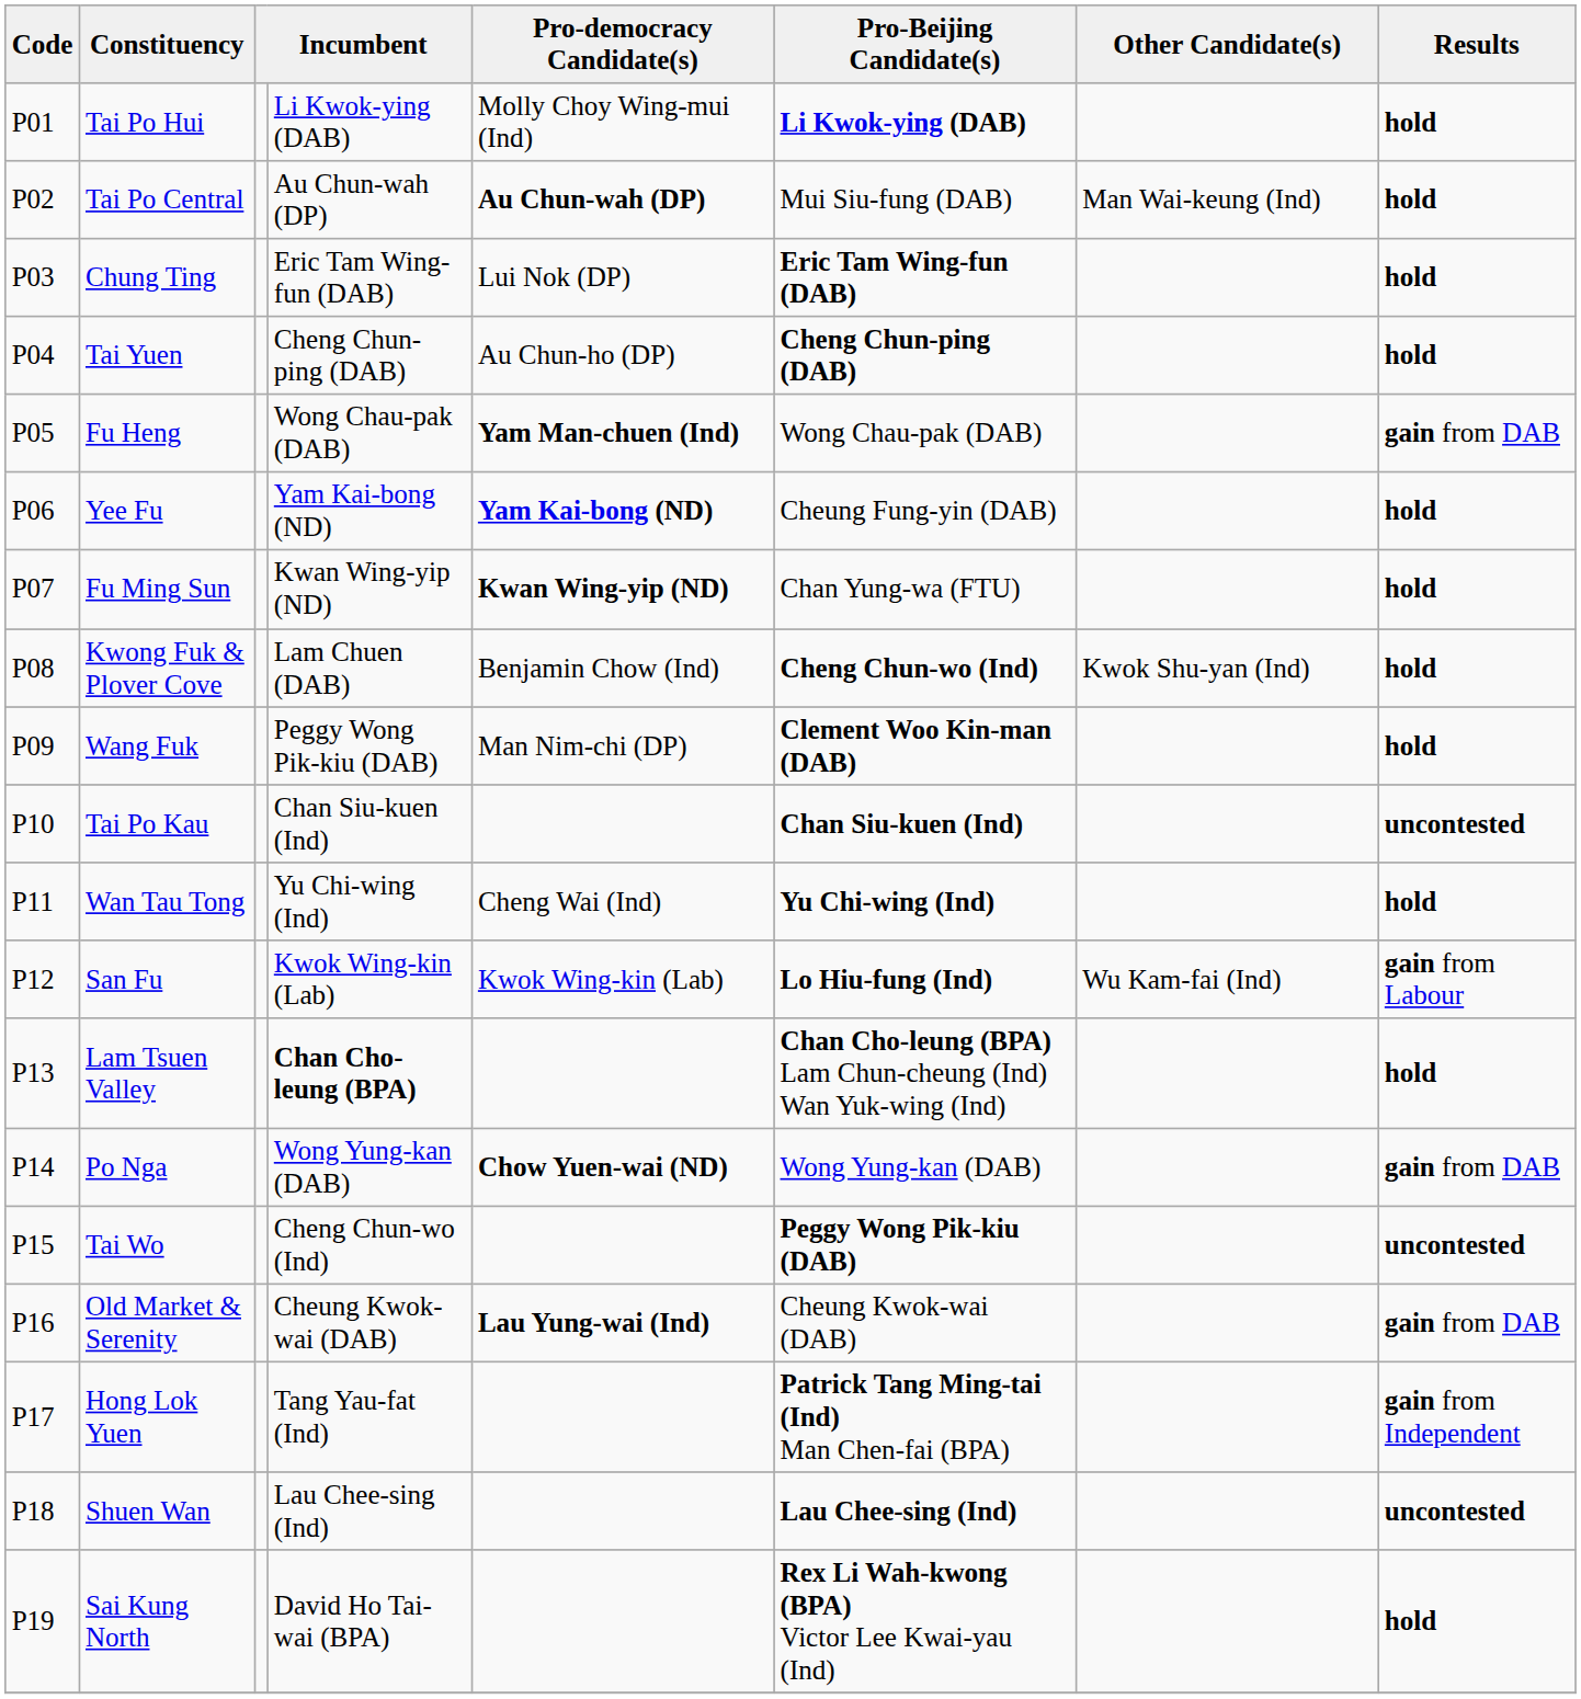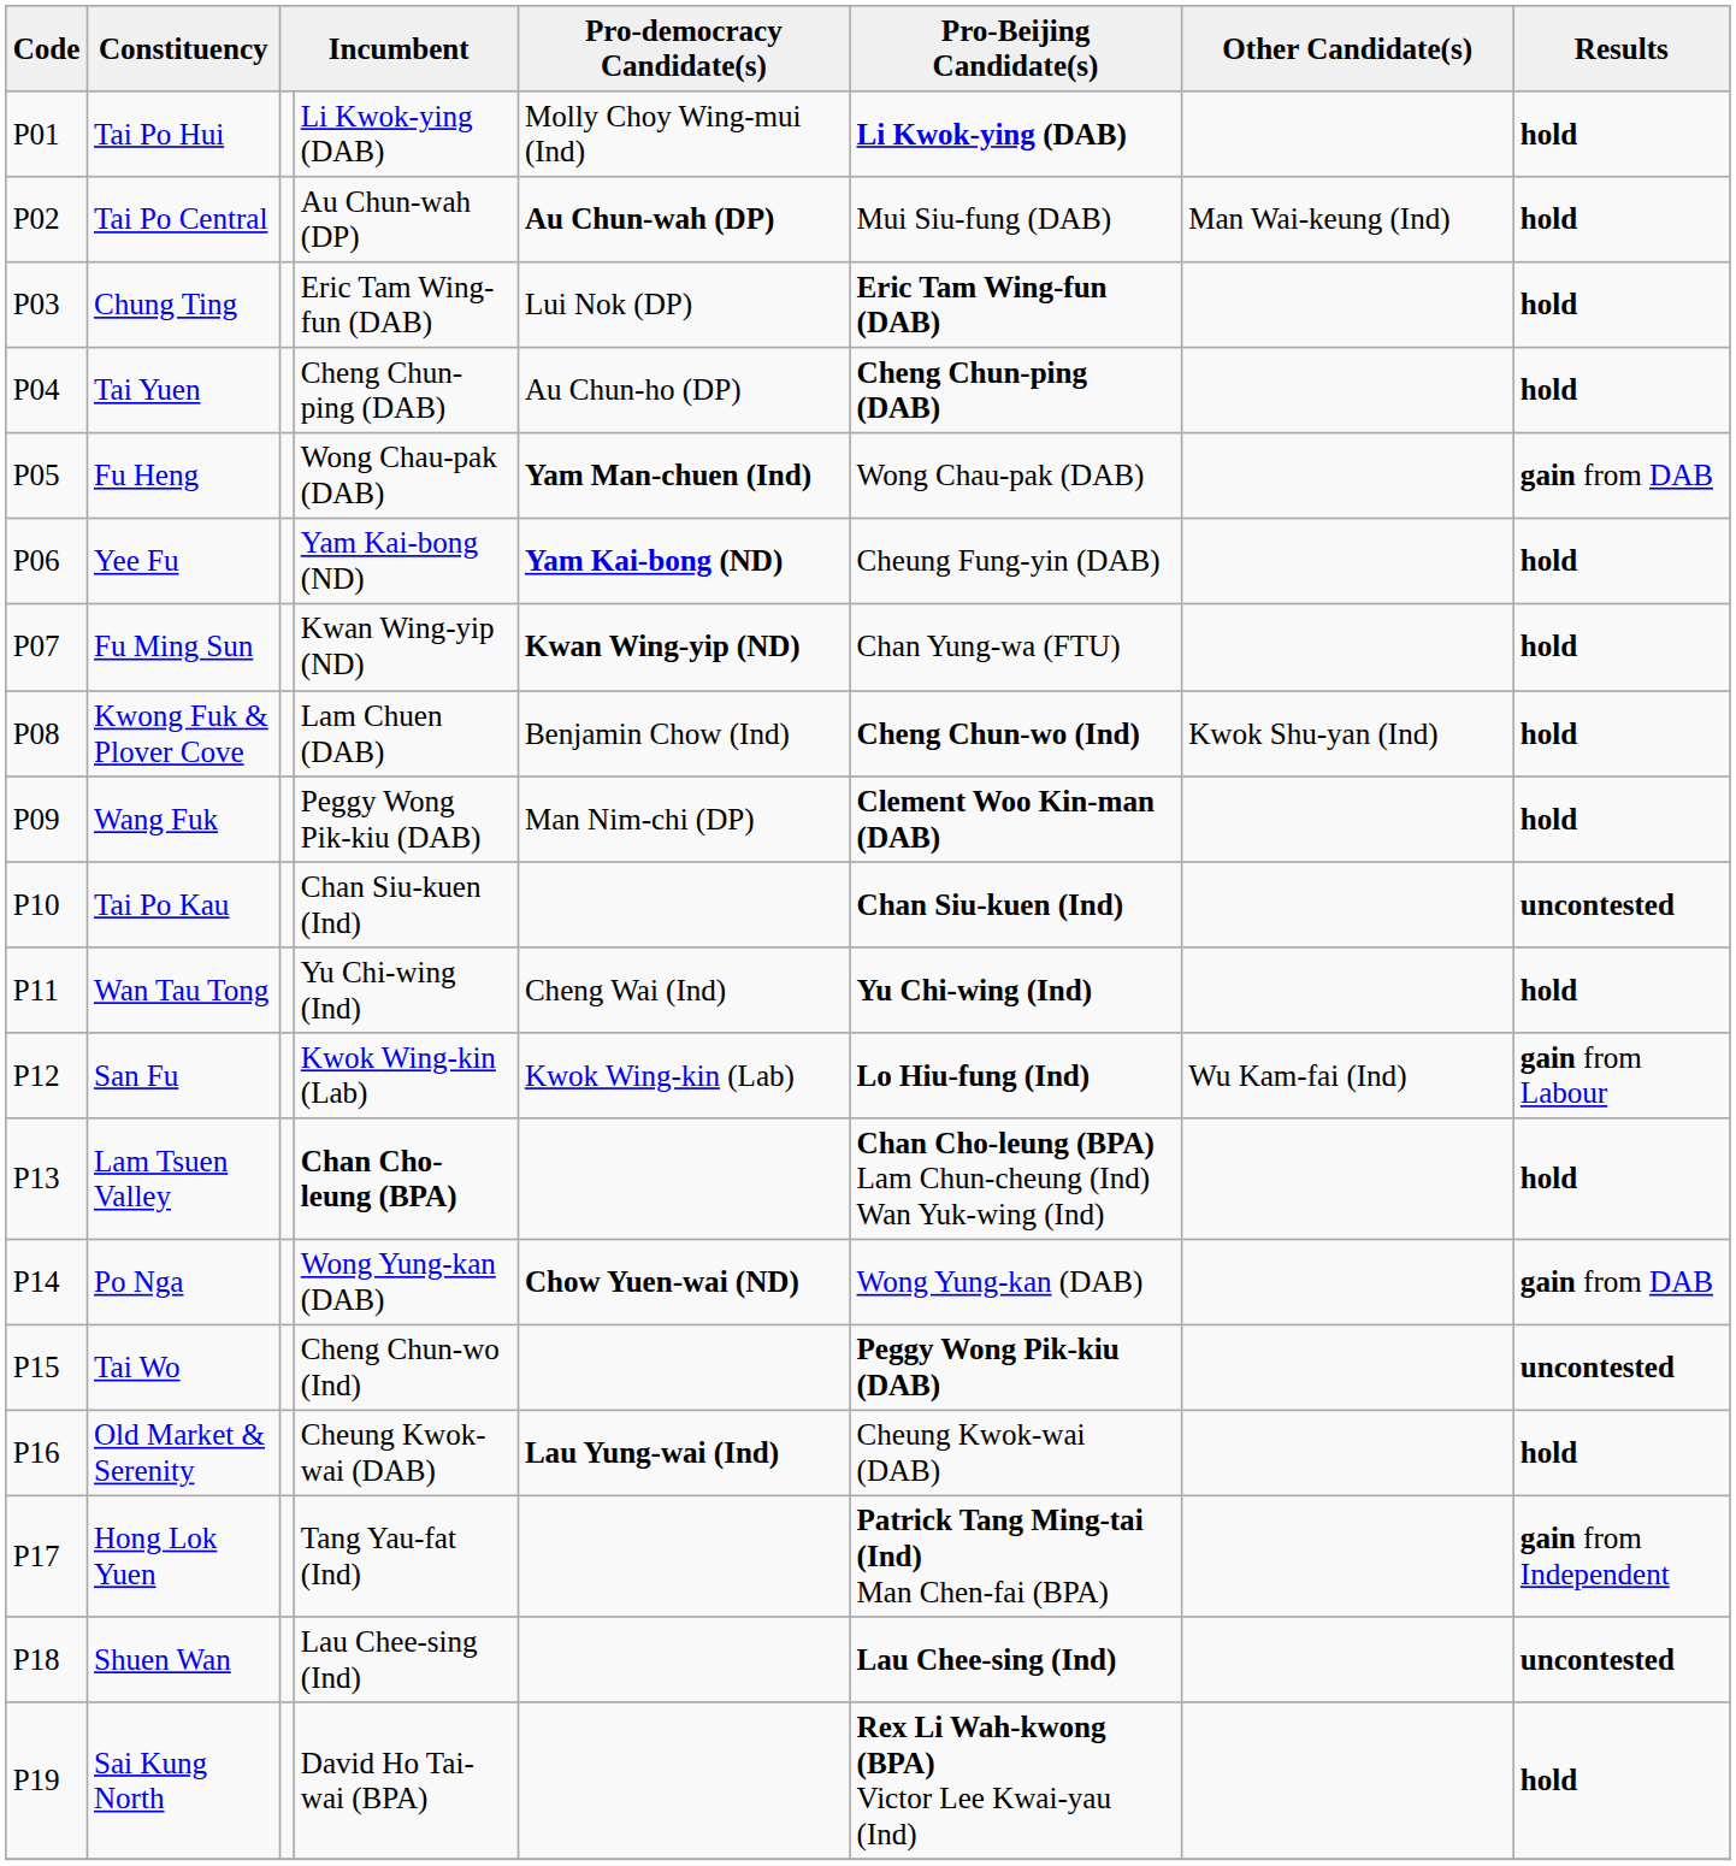 <table class="wikitable sortable" style="font-size: 95%;">
 <tr>
 <th align="center" style="background:#f0f0f0;" width="20px"><strong>Code</strong></th>
 <th align="center" style="background:#f0f0f0;" width="90px"><strong>Constituency</strong></th>
 <th align="center" style="background:#f0f0f0;" width="120px" colspan=2><strong>Incumbent</strong></th>
 <th align="center" style="background:#f0f0f0;" width="160px"><strong>Pro-democracy Candidate(s)</strong></th>
 <th align="center" style="background:#f0f0f0;" width="160px"><strong>Pro-Beijing Candidate(s)</strong></th>
 <th align="center" style="background:#f0f0f0;" width="160px"><strong>Other Candidate(s)</strong></th>
 <th align="center" style="background:#f0f0f0;" width="100px" colspan="2"><strong>Results</strong></th>
 </tr>
 <tr>
 <td>P01</td>
 <td><a href='#'>Tai Po Hui</a></td>
 <td></td>
 <td><a href='#'>Li Kwok-ying</a> (DAB)</td>
 <td>Molly Choy Wing-mui (Ind)</td>
 <td><strong><a href='#'>Li Kwok-ying</a> (DAB)</strong></td>
 <td></td>
 <td> <strong>hold</strong></td>
 </tr>
 <tr>
 <td>P02</td>
 <td><a href='#'>Tai Po Central</a></td>
 <td></td>
 <td>Au Chun-wah (DP)</td>
 <td><strong>Au Chun-wah (DP)</strong></td>
 <td>Mui Siu-fung (DAB)</td>
 <td>Man Wai-keung (Ind)</td>
 <td> <strong>hold</strong></td>
 </tr>
 <tr>
 <td>P03</td>
 <td><a href='#'>Chung Ting</a></td>
 <td></td>
 <td>Eric Tam Wing-fun (DAB)</td>
 <td>Lui Nok (DP)</td>
 <td><strong>Eric Tam Wing-fun (DAB)</strong></td>
 <td></td>
 <td> <strong>hold</strong></td>
 </tr>
 <tr>
 <td>P04</td>
 <td><a href='#'>Tai Yuen</a></td>
 <td></td>
 <td>Cheng Chun-ping (DAB)</td>
 <td>Au Chun-ho (DP)</td>
 <td><strong>Cheng Chun-ping (DAB) </strong></td>
 <td></td>
 <td> <strong>hold</strong></td>
 </tr>
 <tr>
 <td>P05</td>
 <td><a href='#'>Fu Heng</a></td>
 <td></td>
 <td>Wong Chau-pak (DAB)</td>
 <td><strong>Yam Man-chuen (Ind)</strong></td>
 <td>Wong Chau-pak (DAB)</td>
 <td></td>
 <td> <strong>gain</strong> from <a href='#'>DAB</a></td>
 </tr>
 <tr>
 <td>P06</td>
 <td><a href='#'>Yee Fu</a></td>
 <td></td>
 <td><a href='#'>Yam Kai-bong</a> (ND)</td>
 <td><strong><a href='#'>Yam Kai-bong</a> (ND)</strong></td>
 <td>Cheung Fung-yin (DAB)</td>
 <td></td>
 <td> <strong>hold</strong></td>
 </tr>
 <tr>
 <td>P07</td>
 <td><a href='#'>Fu Ming Sun</a></td>
 <td></td>
 <td>Kwan Wing-yip (ND)</td>
 <td><strong>Kwan Wing-yip (ND)</strong></td>
 <td>Chan Yung-wa (FTU)</td>
 <td></td>
 <td> <strong>hold</strong></td>
 </tr>
 <tr>
 <td>P08</td>
 <td><a href='#'>Kwong Fuk & Plover Cove</a></td>
 <td></td>
 <td>Lam Chuen (DAB)</td>
 <td>Benjamin Chow (Ind)</td>
 <td><strong>Cheng Chun-wo (Ind)</strong></td>
 <td>Kwok Shu-yan (Ind)</td>
 <td> <strong>hold</strong></td>
 </tr>
 <tr>
 <td>P09</td>
 <td><a href='#'>Wang Fuk</a></td>
 <td></td>
 <td>Peggy Wong Pik-kiu (DAB)</td>
 <td>Man Nim-chi (DP)</td>
 <td><strong>Clement Woo Kin-man (DAB)</strong></td>
 <td></td>
 <td> <strong>hold</strong></td>
 </tr>
 <tr>
 <td>P10</td>
 <td><a href='#'>Tai Po Kau</a></td>
 <td></td>
 <td>Chan Siu-kuen (Ind)</td>
 <td></td>
 <td><strong>Chan Siu-kuen (Ind)</strong></td>
 <td></td>
 <td> <strong>uncontested</strong></td>
 </tr>
 <tr>
 <td>P11</td>
 <td><a href='#'>Wan Tau Tong</a></td>
 <td></td>
 <td>Yu Chi-wing (Ind)</td>
 <td>Cheng Wai (Ind)</td>
 <td><strong>Yu Chi-wing (Ind)</strong></td>
 <td></td>
 <td> <strong>hold</strong></td>
 </tr>
 <tr>
 <td>P12</td>
 <td><a href='#'>San Fu</a></td>
 <td></td>
 <td><a href='#'>Kwok Wing-kin</a> (Lab)</td>
 <td><a href='#'>Kwok Wing-kin</a> (Lab)</td>
 <td><strong>Lo Hiu-fung (Ind)</strong></td>
 <td>Wu Kam-fai (Ind)</td>
 <td> <strong>gain</strong> from <a href='#'>Labour</a></td>
 </tr>
 <tr>
 <td>P13</td>
 <td><a href='#'>Lam Tsuen Valley</a></td>
 <td></td>
 <td><strong>Chan Cho-leung (BPA)</strong></td>
 <td></td>
 <td><strong>Chan Cho-leung (BPA)</strong><br> Lam Chun-cheung (Ind)<br>Wan Yuk-wing (Ind)</td>
 <td></td>
 <td> <strong>hold</strong></td>
 </tr>
 <tr>
 <td>P14</td>
 <td><a href='#'>Po Nga</a></td>
 <td></td>
 <td><a href='#'>Wong Yung-kan</a> (DAB)</td>
 <td><strong>Chow Yuen-wai (ND)</strong></td>
 <td><a href='#'>Wong Yung-kan</a> (DAB)</td>
 <td></td>
 <td> <strong>gain</strong> from <a href='#'>DAB</a></td>
 </tr>
 <tr>
 <td>P15</td>
 <td><a href='#'>Tai Wo</a></td>
 <td></td>
 <td>Cheng Chun-wo (Ind)</td>
 <td></td>
 <td><strong>Peggy Wong Pik-kiu (DAB)</strong></td>
 <td></td>
 <td> <strong>uncontested</strong></td>
 </tr>
 <tr>
 <td>P16</td>
 <td><a href='#'>Old Market & Serenity</a></td>
 <td></td>
 <td>Cheung Kwok-wai (DAB)</td>
 <td><strong>Lau Yung-wai (Ind)</strong></td>
 <td>Cheung Kwok-wai (DAB)</td>
 <td></td>
-<td> <strong>gain</strong> from <a href='#'>DAB</a></td>
+<td> <strong>hold</strong></td>
 </tr>
 <tr>
 <td>P17</td>
 <td><a href='#'>Hong Lok Yuen</a></td>
 <td></td>
 <td>Tang Yau-fat (Ind)</td>
 <td></td>
 <td><strong>Patrick Tang Ming-tai (Ind)</strong><br>Man Chen-fai (BPA)</td>
 <td></td>
 <td> <strong>gain</strong> from <a href='#'>Independent</a></td>
 </tr>
 <tr>
 <td>P18</td>
 <td><a href='#'>Shuen Wan</a></td>
 <td></td>
 <td>Lau Chee-sing (Ind)</td>
 <td></td>
 <td><strong> Lau Chee-sing (Ind)</strong></td>
 <td></td>
 <td> <strong>uncontested</strong></td>
 </tr>
 <tr>
 <td>P19</td>
 <td><a href='#'>Sai Kung North</a></td>
 <td></td>
 <td>David Ho Tai-wai (BPA)</td>
 <td></td>
 <td><strong>Rex Li Wah-kwong (BPA)</strong><br>Victor Lee Kwai-yau (Ind)</td>
 <td></td>
 <td> <strong>hold</strong></td>
 </tr>
 <tr>
 </tr>
 </table>
